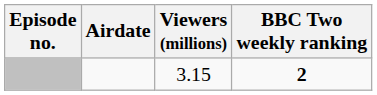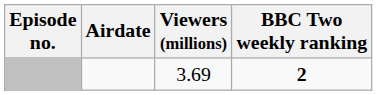 <table class="wikitable" style="text-align:center;">
 <tr>
 <th scope="col">Episode<br>no.</th>
 <th scope="col">Airdate</th>
 <th scope="col">Viewers<br><small>(millions)</small></th>
 <th scope="col">BBC Two<br>weekly ranking</th>
 </tr>
 <tr>
 <th scope="row" style="background:silver;"></th>
 <td></td>
-<td>3.15</td>
+<td>3.69</td>
 <td><strong>2</strong></td>
 </tr>
 </table>
